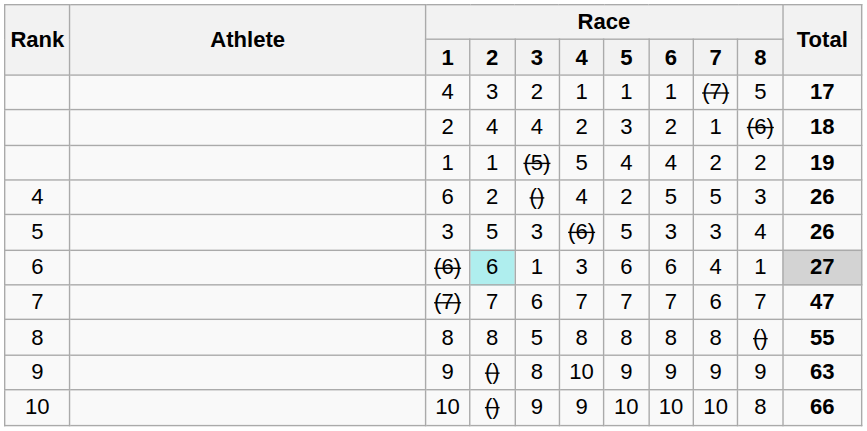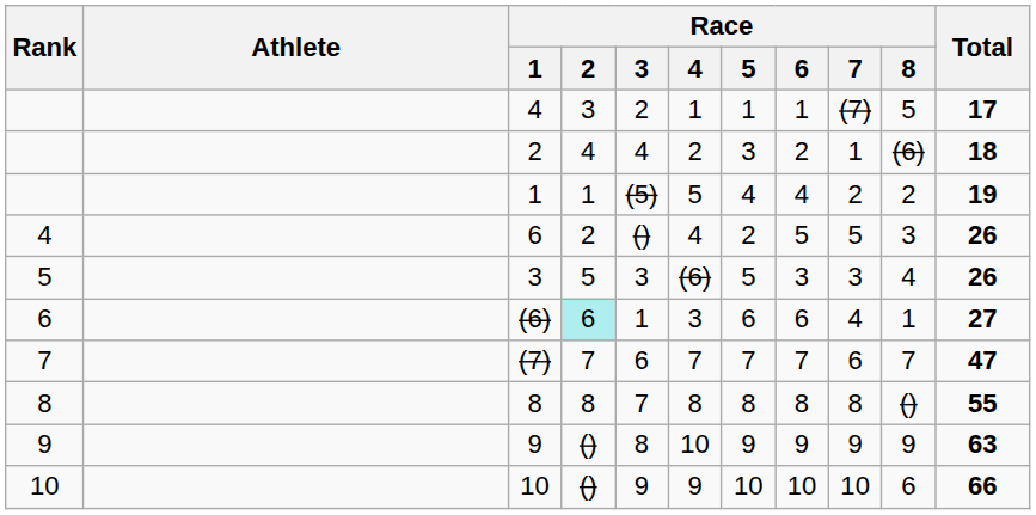 <table class="wikitable" style="text-align:center">
 <tr>
 <th rowspan="2" width=40>Rank</th>
 <th rowspan="2" width=250>Athlete</th>
 <th colspan="8">Race</th>
 <th rowspan="2" width=50>Total</th>
 </tr>
 <tr>
 <th width=25>1</th>
 <th width=25>2</th>
 <th width=25>3</th>
 <th width=25>4</th>
 <th width=25>5</th>
 <th width=25>6</th>
 <th width=25>7</th>
 <th width=25>8</th>
 </tr>
 <tr>
 <td></td>
 <td align=left></td>
 <td>4</td>
 <td>3</td>
 <td>2</td>
 <td>1</td>
 <td>1</td>
 <td>1</td>
 <td><s>(7)</s></td>
 <td>5</td>
 <td><strong>17</strong></td>
 </tr>
 <tr>
 <td></td>
 <td align=left></td>
 <td>2</td>
 <td>4</td>
 <td>4</td>
 <td>2</td>
 <td>3</td>
 <td>2</td>
 <td>1</td>
 <td><s>(6)</s></td>
 <td><strong>18</strong></td>
 </tr>
 <tr>
 <td></td>
 <td align=left></td>
 <td>1</td>
 <td>1</td>
 <td><s>(5)</s></td>
 <td>5</td>
 <td>4</td>
 <td>4</td>
 <td>2</td>
 <td>2</td>
 <td><strong>19</strong></td>
 </tr>
 <tr>
 <td>4</td>
 <td align=left></td>
 <td>6</td>
 <td>2</td>
 <td><s>()</s></td>
 <td>4</td>
 <td>2</td>
 <td>5</td>
 <td>5</td>
 <td>3</td>
 <td><strong>26</strong></td>
 </tr>
 <tr>
 <td>5</td>
 <td align=left></td>
 <td>3</td>
 <td>5</td>
 <td>3</td>
 <td><s>(6)</s></td>
 <td>5</td>
 <td>3</td>
 <td>3</td>
 <td>4</td>
 <td><strong>26</strong></td>
 </tr>
 <tr>
 <td>6</td>
 <td align=left></td>
 <td><s>(6)</s></td>
 <td style="background: paleturquoise;">6</td>
 <td>1</td>
 <td>3</td>
 <td>6</td>
 <td>6</td>
 <td>4</td>
 <td>1</td>
-<td style="background: lightgrey;"><strong>27</strong></td>
+<td><strong>27</strong></td>
 </tr>
 <tr>
 <td>7</td>
 <td align=left></td>
 <td><s>(7)</s></td>
 <td>7</td>
 <td>6</td>
 <td>7</td>
 <td>7</td>
 <td>7</td>
 <td>6</td>
 <td>7</td>
 <td><strong>47</strong></td>
 </tr>
 <tr>
 <td>8</td>
 <td align=left></td>
 <td>8</td>
 <td>8</td>
-<td>5</td>
+<td>7</td>
 <td>8</td>
 <td>8</td>
 <td>8</td>
 <td>8</td>
 <td><s>()</s></td>
 <td><strong>55</strong></td>
 </tr>
 <tr>
 <td>9</td>
 <td align=left></td>
 <td>9</td>
 <td><s>()</s></td>
 <td>8</td>
 <td>10</td>
 <td>9</td>
 <td>9</td>
 <td>9</td>
 <td>9</td>
 <td><strong>63</strong></td>
 </tr>
 <tr>
 <td>10</td>
 <td align=left></td>
 <td>10</td>
 <td><s>()</s></td>
 <td>9</td>
 <td>9</td>
 <td>10</td>
 <td>10</td>
 <td>10</td>
-<td>8</td>
+<td>6</td>
 <td><strong>66</strong></td>
 </tr>
 </table>
